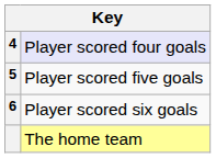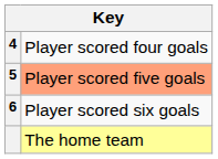 <table class="wikitable plainrowheaders">
 <tr>
 <th colspan="2" scope="col">Key</th>
 </tr>
 <tr>
 <th align="left" scope="row"><sup>4</sup></th>
-<td align="left" style="background: lavender;">Player scored four goals</td>
+<td align="left">Player scored four goals</td>
 </tr>
 <tr>
 <th align="left" scope="row"><sup>5</sup></th>
-<td align="left">Player scored five goals</td>
+<td align="left" style="background: lightsalmon;">Player scored five goals</td>
 </tr>
 <tr>
 <th align="left" scope="row"><sup>6</sup></th>
 <td align="left">Player scored six goals</td>
 </tr>
 <tr>
 <th align="left" scope="row"></th>
 <td align="left" bgcolor=#FFFF99>The home team</td>
 </tr>
 </table>
